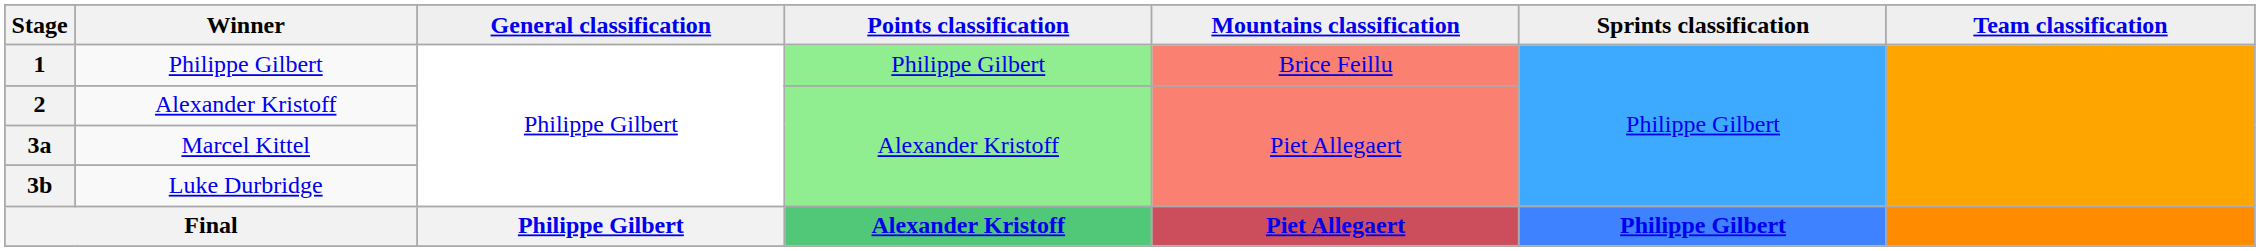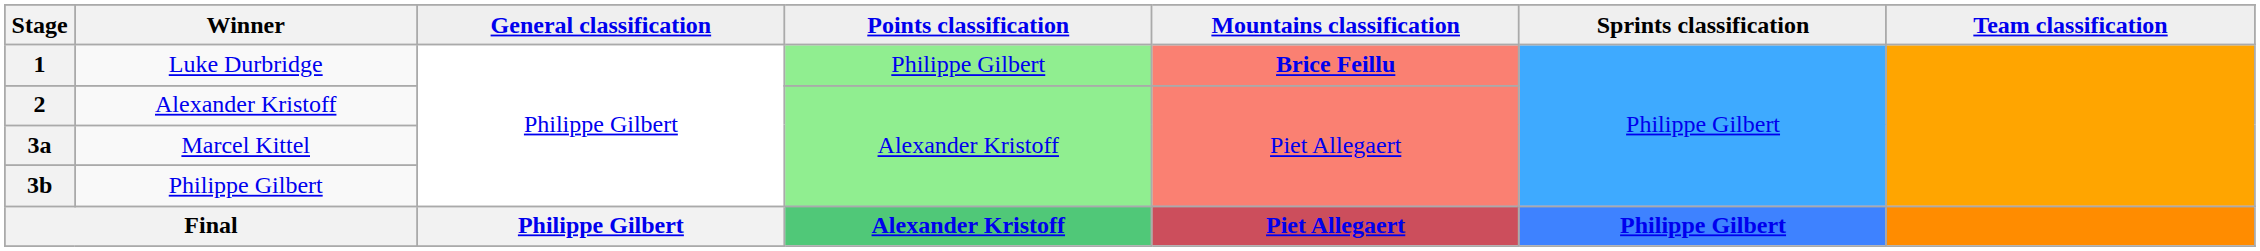 <table class="wikitable" style="text-align: center; font-size:smaller;">
 <tr>
 <th style="width:1%;">Stage</th>
 <th style="width:14%;">Winner</th>
 <th style="background:#efefef; width:15%;"><a href='#'>General classification</a><br></th>
 <th style="background:#efefef; width:15%;"><a href='#'>Points classification</a><br></th>
 <th style="background:#efefef; width:15%;"><a href='#'>Mountains classification</a><br></th>
 <th style="background:#efefef; width:15%;">Sprints classification<br></th>
 <th style="background:#efefef; width:15%;"><a href='#'>Team classification</a></th>
 </tr>
 <tr>
 <th>1</th>
-<td><a href='#'>Philippe Gilbert</a></td>
+<td><a href='#'>Luke Durbridge</a></td>
 <td style="background:white;" rowspan=4><a href='#'>Philippe Gilbert</a></td>
 <td style="background:lightgreen;"><a href='#'>Philippe Gilbert</a></td>
-<td style="background:salmon;"><a href='#'>Brice Feillu</a></td>
+<td style="background:salmon;"><strong><a href='#'>Brice Feillu</a></strong></td>
 <td style="background:#3eaaff;" rowspan=4><a href='#'>Philippe Gilbert</a></td>
 <td style="background:orange;" rowspan=4></td>
 </tr>
 <tr>
 <th>2</th>
 <td><a href='#'>Alexander Kristoff</a></td>
 <td style="background:lightgreen;" rowspan=3><a href='#'>Alexander Kristoff</a></td>
 <td style="background:salmon;" rowspan=3><a href='#'>Piet Allegaert</a></td>
 </tr>
 <tr>
 <th>3a</th>
 <td><a href='#'>Marcel Kittel</a></td>
 </tr>
 <tr>
 <th>3b</th>
-<td><a href='#'>Luke Durbridge</a></td>
+<td><a href='#'>Philippe Gilbert</a></td>
 </tr>
 <tr>
 <th colspan=2>Final</th>
 <th style="background:#f2f2f2;"><a href='#'>Philippe Gilbert</a></th>
 <th style="background:#50c878;"><a href='#'>Alexander Kristoff</a></th>
 <th style="background:#cc4e5c;"><a href='#'>Piet Allegaert</a></th>
 <th style="background:#3e82ff;"><a href='#'>Philippe Gilbert</a></th>
 <th style="background:darkorange;"></th>
 </tr>
 </table>
